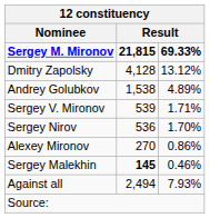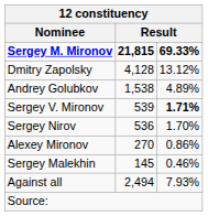 <table class=wikitable style=text-align:right>
 <tr>
 <th colspan=3>12 constituency</th>
 </tr>
 <tr>
 <th>Nominee</th>
 <th colspan=2>Result</th>
 </tr>
 <tr>
 <td align=left><strong><a href='#'>Sergey M. Mironov</a></strong></td>
 <td><strong>21,815</strong></td>
 <td><strong>69.33%</strong></td>
 </tr>
 <tr>
 <td align=left>Dmitry Zapolsky</td>
 <td>4,128</td>
 <td>13.12%</td>
 </tr>
 <tr>
 <td align=left>Andrey Golubkov</td>
 <td>1,538</td>
 <td>4.89%</td>
 </tr>
 <tr>
 <td align=left>Sergey V. Mironov</td>
 <td>539</td>
-<td>1.71%</td>
+<td><strong>1.71%</strong></td>
 </tr>
 <tr>
 <td align=left>Sergey Nirov</td>
 <td>536</td>
 <td>1.70%</td>
 </tr>
 <tr>
 <td align=left>Alexey Mironov</td>
 <td>270</td>
 <td>0.86%</td>
 </tr>
 <tr>
 <td align=left>Sergey Malekhin</td>
-<td><strong>145</strong></td>
+<td>145</td>
 <td>0.46%</td>
 </tr>
 <tr>
 <td align=left>Against all</td>
 <td>2,494</td>
 <td>7.93%</td>
 </tr>
 <tr>
 <td align=left colspan=6>Source:</td>
 </tr>
 </table>
